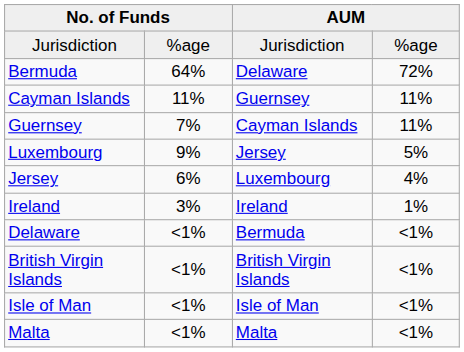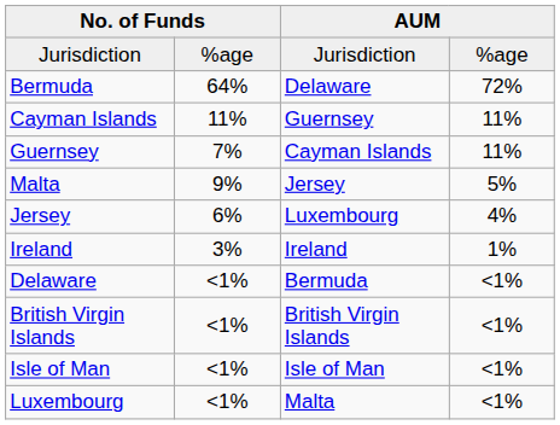 <table class="wikitable" style="margin: 1em auto 1em auto">
 <tr>
 <th colspan=2 align="center" style="background: #efefef;" width="200">No. of Funds</th>
 <th colspan=2 align="center" style="background: #efefef;" width="200">AUM</th>
 </tr>
 <tr>
 <td align="center" style="background: #efefef;" width="125">Jurisdiction</td>
 <td align="center" style="background: #efefef;" width="75">%age</td>
 <td align="center" style="background: #efefef;" width="125">Jurisdiction</td>
 <td align="center" style="background: #efefef;" width="75">%age</td>
 </tr>
 <tr>
 <td><a href='#'>Bermuda</a></td>
 <td align="center">64%</td>
 <td><a href='#'>Delaware</a></td>
 <td align="center">72%</td>
 </tr>
 <tr>
 <td><a href='#'>Cayman Islands</a></td>
 <td align="center">11%</td>
 <td><a href='#'>Guernsey</a></td>
 <td align="center">11%</td>
 </tr>
 <tr>
 <td><a href='#'>Guernsey</a></td>
 <td align="center">7%</td>
 <td><a href='#'>Cayman Islands</a></td>
 <td align="center">11%</td>
 </tr>
 <tr>
-<td><a href='#'>Luxembourg</a></td>
+<td><a href='#'>Malta</a></td>
 <td align="center">9%</td>
 <td><a href='#'>Jersey</a></td>
 <td align="center">5%</td>
 </tr>
 <tr>
 <td><a href='#'>Jersey</a></td>
 <td align="center">6%</td>
 <td><a href='#'>Luxembourg</a></td>
 <td align="center">4%</td>
 </tr>
 <tr>
 <td><a href='#'>Ireland</a></td>
 <td align="center">3%</td>
 <td><a href='#'>Ireland</a></td>
 <td align="center">1%</td>
 </tr>
 <tr>
 <td><a href='#'>Delaware</a></td>
 <td align="center"><1%</td>
 <td><a href='#'>Bermuda</a></td>
 <td align="center"><1%</td>
 </tr>
 <tr>
 <td><a href='#'>British Virgin Islands</a></td>
 <td align="center"><1%</td>
 <td><a href='#'>British Virgin Islands</a></td>
 <td align="center"><1%</td>
 </tr>
 <tr>
 <td><a href='#'>Isle of Man</a></td>
 <td align="center"><1%</td>
 <td><a href='#'>Isle of Man</a></td>
 <td align="center"><1%</td>
 </tr>
 <tr>
-<td><a href='#'>Malta</a></td>
+<td><a href='#'>Luxembourg</a></td>
 <td align="center"><1%</td>
 <td><a href='#'>Malta</a></td>
 <td align="center"><1%</td>
 </tr>
 </table>
